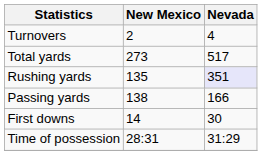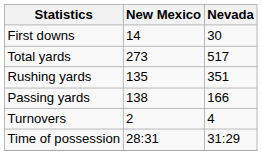 <table class="wikitable">
 <tr>
 <th>Statistics</th>
 <th>New Mexico</th>
 <th>Nevada</th>
 </tr>
 <tr>
-<td>Turnovers</td>
-<td>2</td>
-<td>4</td>
+<td>First downs</td>
+<td>14</td>
+<td>30</td>
 </tr>
 <tr>
 <td>Total yards</td>
 <td>273</td>
 <td>517</td>
 </tr>
 <tr>
 <td>Rushing yards</td>
 <td>135</td>
-<td style="background: lavender;">351</td>
+<td>351</td>
 </tr>
 <tr>
 <td>Passing yards</td>
 <td>138</td>
 <td>166</td>
 </tr>
 <tr>
-<td>First downs</td>
-<td>14</td>
-<td>30</td>
+<td>Turnovers</td>
+<td>2</td>
+<td>4</td>
 </tr>
 <tr>
 <td>Time of possession</td>
 <td>28:31</td>
 <td>31:29</td>
 </tr>
 <tr>
 </tr>
 </table>
